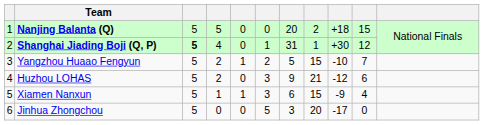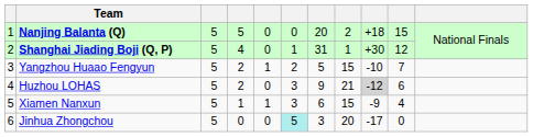 <table class="wikitable" style="text-align:center;">
 <tr>
 <th></th>
 <th width=250>Team</th>
 <th width=30></th>
 <th width=30></th>
 <th width=30></th>
 <th width=30></th>
 <th width=30></th>
 <th width=30></th>
 <th width=30></th>
 <th width=30></th>
 <th width=150></th>
 </tr>
 <tr bgcolor="#ccffcc">
 <td>1</td>
 <td align="left"><strong><a href='#'>Nanjing Balanta</a> (Q)</strong></td>
 <td>5</td>
 <td>5</td>
 <td>0</td>
 <td>0</td>
 <td>20</td>
 <td>2</td>
 <td>+18</td>
 <td>15</td>
 <td rowspan=2>National Finals</td>
 </tr>
 <tr bgcolor="#ccffcc">
 <td>2</td>
 <td align="left"><strong><a href='#'>Shanghai Jiading Boji</a> (Q, P)</strong></td>
-<td><strong>5</strong></td>
+<td>5</td>
 <td>4</td>
 <td>0</td>
 <td>1</td>
 <td>31</td>
 <td>1</td>
 <td>+30</td>
 <td>12</td>
 </tr>
 <tr>
 <td>3</td>
 <td align="left"><a href='#'>Yangzhou Huaao Fengyun</a></td>
 <td>5</td>
 <td>2</td>
 <td>1</td>
 <td>2</td>
 <td>5</td>
 <td>15</td>
 <td>-10</td>
 <td>7</td>
 <td></td>
 </tr>
 <tr>
 <td>4</td>
 <td align="left"><a href='#'>Huzhou LOHAS</a></td>
 <td>5</td>
 <td>2</td>
 <td>0</td>
 <td>3</td>
 <td>9</td>
 <td>21</td>
-<td>-12</td>
+<td style="background: lightgrey;">-12</td>
 <td>6</td>
 <td></td>
 </tr>
 <tr>
 <td>5</td>
 <td align="left"><a href='#'>Xiamen Nanxun</a></td>
 <td>5</td>
 <td>1</td>
 <td>1</td>
 <td>3</td>
 <td>6</td>
 <td>15</td>
 <td>-9</td>
 <td>4</td>
 <td></td>
 </tr>
 <tr>
 <td>6</td>
 <td align="left"><a href='#'>Jinhua Zhongchou</a></td>
 <td>5</td>
 <td>0</td>
 <td>0</td>
-<td>5</td>
+<td style="background: paleturquoise;">5</td>
 <td>3</td>
 <td>20</td>
 <td>-17</td>
 <td>0</td>
 <td></td>
 </tr>
 </table>
